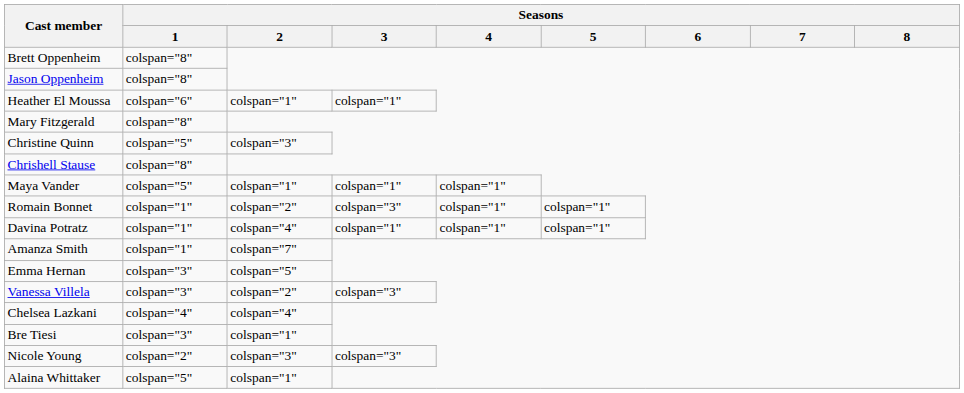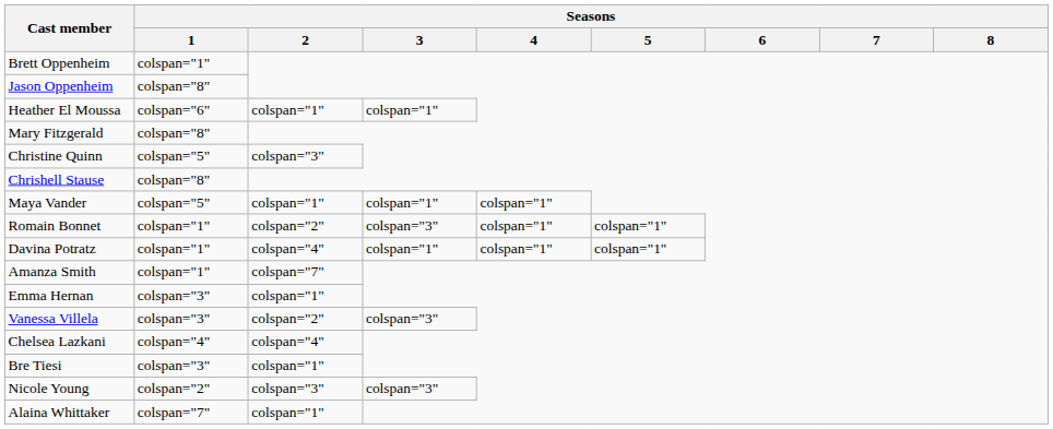 <table class="wikitable plainrowheaders" style="width:90%;">
 <tr>
 <th rowspan="2" style="width:10%;">Cast member</th>
 <th colspan="8">Seasons</th>
 </tr>
 <tr>
 <th style="width:10%;">1</th>
 <th style="width:10%;">2</th>
 <th style="width:10%;">3</th>
 <th style="width:10%;">4</th>
 <th style="width:10%;">5</th>
 <th style="width:10%;">6</th>
 <th style="width:10%;">7</th>
 <th style="width:10%;">8</th>
 </tr>
 <tr>
 <td>Brett Oppenheim</td>
-<td>colspan="8" </td>
+<td>colspan="1" </td>
 </tr>
 <tr>
 <td nowrap><a href='#'>Jason Oppenheim</a></td>
 <td>colspan="8" </td>
 </tr>
 <tr>
 <td nowrap="">Heather El Moussa</td>
 <td>colspan="6" </td>
 <td>colspan="1" </td>
 <td>colspan="1" </td>
 </tr>
 <tr>
 <td>Mary Fitzgerald</td>
 <td>colspan="8" </td>
 </tr>
 <tr>
 <td>Christine Quinn</td>
 <td>colspan="5" </td>
 <td>colspan="3" </td>
 </tr>
 <tr>
 <td><a href='#'>Chrishell Stause</a></td>
 <td>colspan="8" </td>
 </tr>
 <tr>
 <td>Maya Vander</td>
 <td>colspan="5" </td>
 <td>colspan="1" </td>
 <td>colspan="1" </td>
 <td>colspan="1" </td>
 </tr>
 <tr>
 <td>Romain Bonnet</td>
 <td>colspan="1" </td>
 <td>colspan="2" </td>
 <td>colspan="3" </td>
 <td>colspan="1" </td>
 <td>colspan="1" </td>
 </tr>
 <tr>
 <td>Davina Potratz</td>
 <td>colspan="1" </td>
 <td>colspan="4" </td>
 <td>colspan="1" </td>
 <td>colspan="1" </td>
 <td>colspan="1" </td>
 </tr>
 <tr>
 <td>Amanza Smith</td>
 <td>colspan="1" </td>
 <td>colspan="7" </td>
 </tr>
 <tr>
 <td>Emma Hernan</td>
 <td>colspan="3" </td>
-<td>colspan="5" </td>
+<td>colspan="1" </td>
 </tr>
 <tr>
 <td><a href='#'>Vanessa Villela</a></td>
 <td>colspan="3" </td>
 <td>colspan="2" </td>
 <td>colspan="3" </td>
 </tr>
 <tr>
 <td>Chelsea Lazkani</td>
 <td>colspan="4" </td>
 <td>colspan="4" </td>
 </tr>
 <tr>
 <td>Bre Tiesi</td>
 <td>colspan="3" </td>
 <td>colspan="1" </td>
 </tr>
 <tr>
 <td>Nicole Young</td>
 <td>colspan="2" </td>
 <td>colspan="3" </td>
 <td>colspan="3" </td>
 </tr>
 <tr>
 <td>Alaina Whittaker</td>
-<td>colspan="5" </td>
+<td>colspan="7" </td>
 <td>colspan="1" </td>
 </tr>
 </table>
